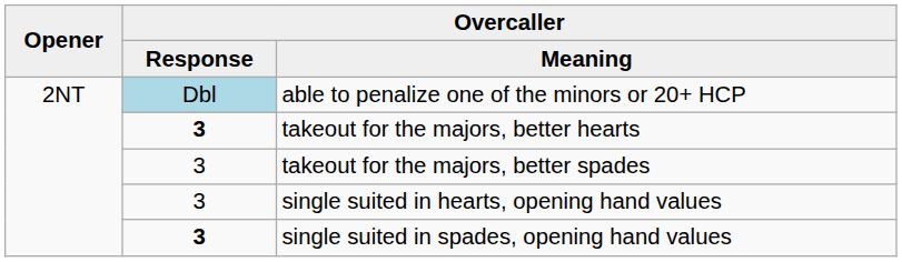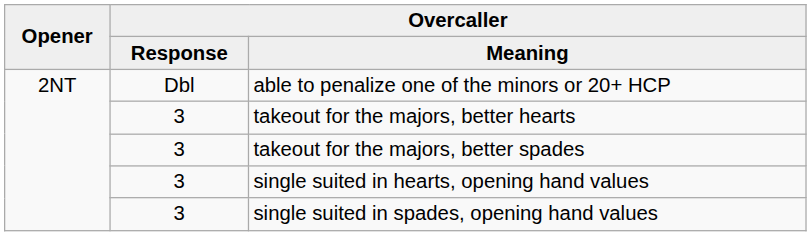 <table class="wikitable" width=50%>
 <tr>
 <td rowspan=2 style="background: #EFEFEF" align=center><strong>Opener</strong></td>
 <td colspan="2" style="text-align: center; background:#EFEFEF"><strong>Overcaller</strong></td>
 </tr>
 <tr>
 <td style="text-align: center; background: #EFEFEF"><strong>Response</strong></td>
 <td style="text-align: center; background: #EFEFEF"><strong>Meaning</strong></td>
 </tr>
 <tr align="left" valign="top">
 <td rowspan="5" align=center>2NT</td>
-<td align=center style="background: lightblue;">Dbl</td>
+<td align=center>Dbl</td>
 <td>able to penalize one of the minors or 20+ HCP</td>
 </tr>
 <tr>
-<td valign=top align=center><strong>3</strong></td>
+<td valign=top align=center>3</td>
 <td>takeout for the majors, better hearts</td>
 </tr>
 <tr>
 <td valign=top align=center>3</td>
 <td>takeout for the majors, better spades</td>
 </tr>
 <tr>
 <td valign=top align=center>3</td>
 <td>single suited in hearts, opening hand values</td>
 </tr>
 <tr>
-<td align=center><strong>3</strong></td>
+<td align=center>3</td>
 <td>single suited in spades, opening hand values</td>
 </tr>
 </table>
